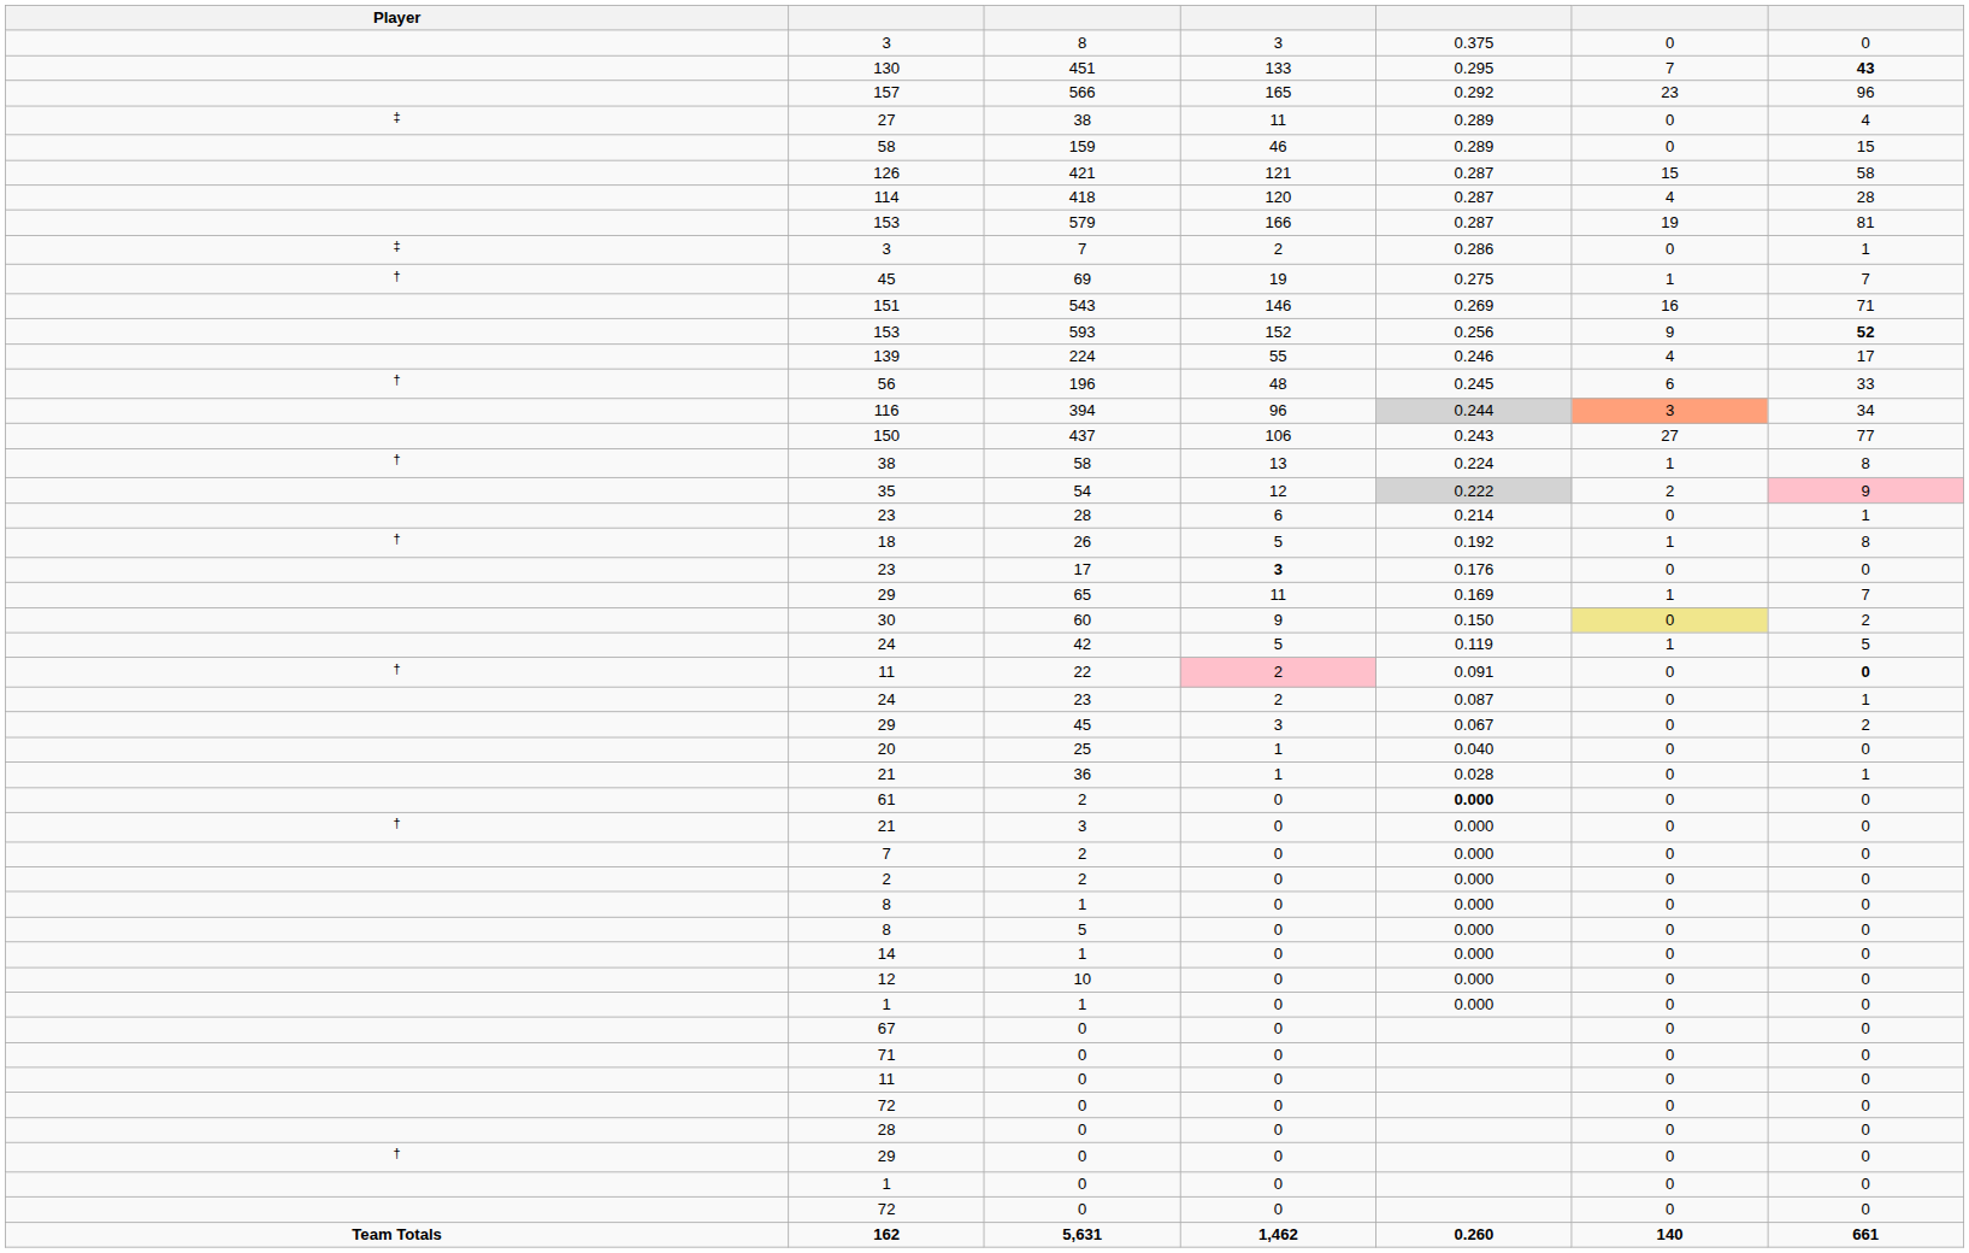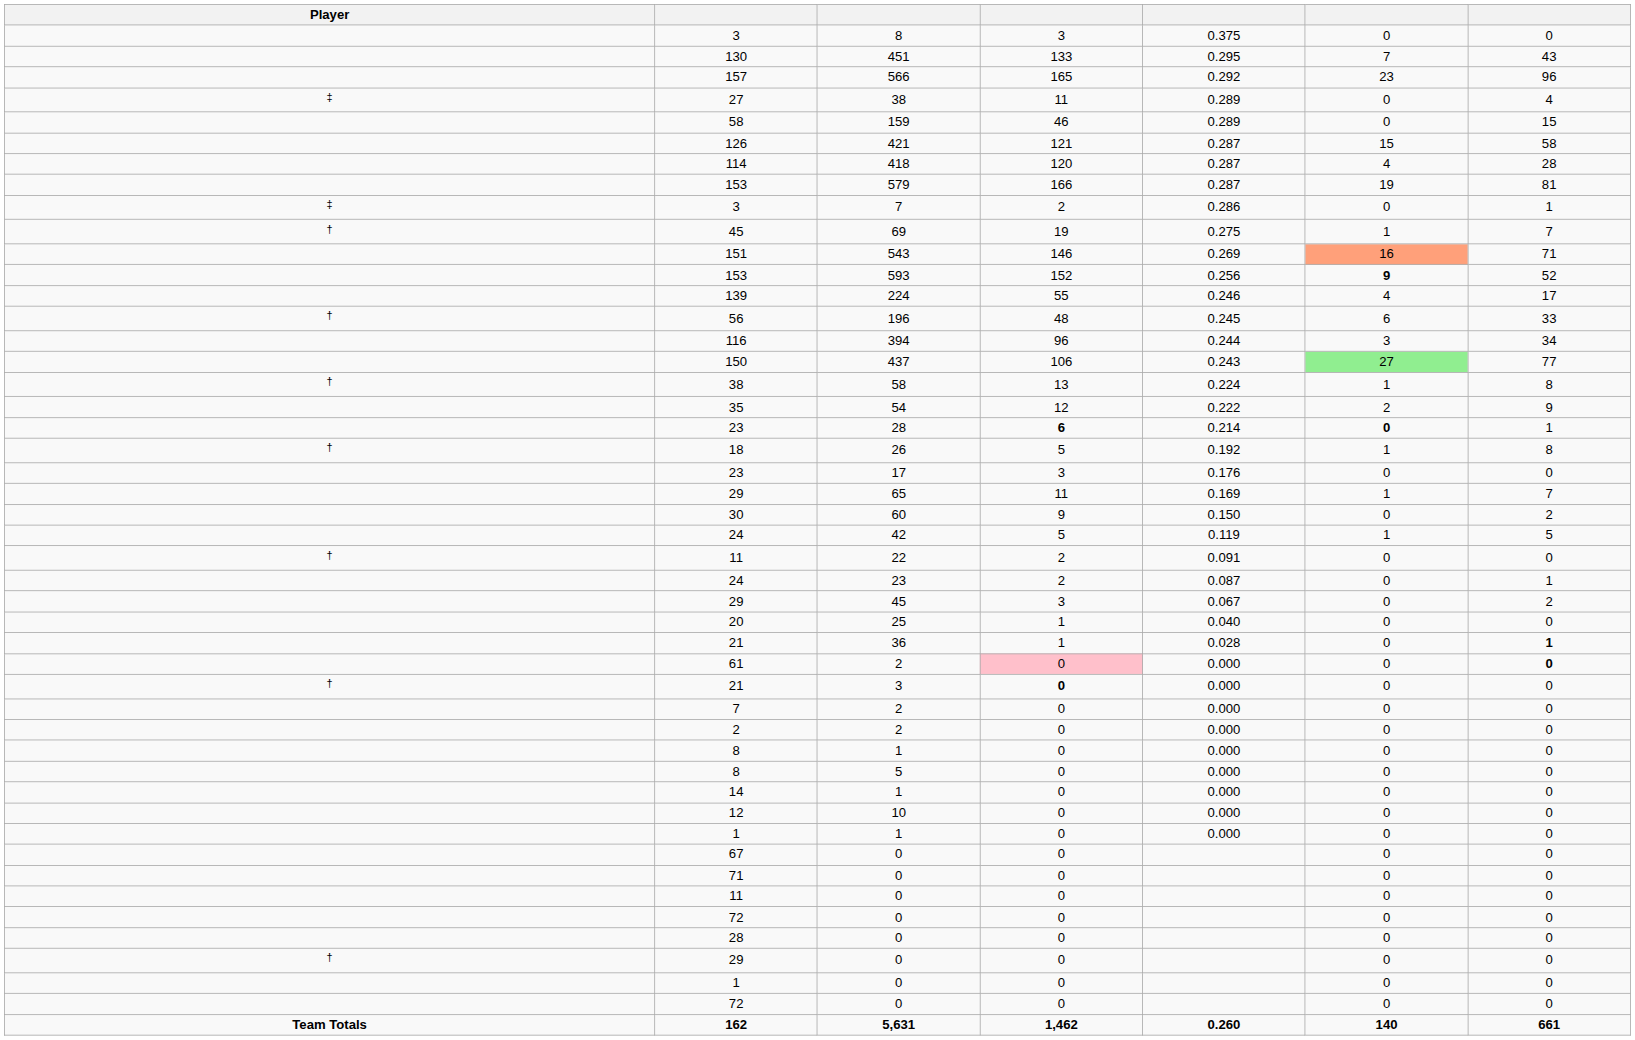 <table class="wikitable sortable" style="text-align:center;" width="100%">
 <tr>
 <th width="40%">Player</th>
 <th width="10%"></th>
 <th width="10%"></th>
 <th width="10%"></th>
 <th width="10%"></th>
 <th width="10%"></th>
 <th width="10%"></th>
 </tr>
 <tr>
 <td></td>
 <td>3</td>
 <td>8</td>
 <td>3</td>
 <td>0.375</td>
 <td>0</td>
 <td>0</td>
 </tr>
 <tr>
 <td><strong></strong></td>
 <td>130</td>
 <td>451</td>
 <td>133</td>
 <td>0.295</td>
 <td>7</td>
-<td><strong>43</strong></td>
+<td>43</td>
 </tr>
 <tr>
 <td><strong></strong></td>
 <td>157</td>
 <td>566</td>
 <td>165</td>
 <td>0.292</td>
 <td>23</td>
 <td>96</td>
 </tr>
 <tr>
 <td><sup>‡</sup></td>
 <td>27</td>
 <td>38</td>
 <td>11</td>
 <td>0.289</td>
 <td>0</td>
 <td>4</td>
 </tr>
 <tr>
 <td></td>
 <td>58</td>
 <td>159</td>
 <td>46</td>
 <td>0.289</td>
 <td>0</td>
 <td>15</td>
 </tr>
 <tr>
 <td> </td>
 <td>126</td>
 <td>421</td>
 <td>121</td>
 <td>0.287</td>
 <td>15</td>
 <td>58</td>
 </tr>
 <tr>
 <td></td>
 <td>114</td>
 <td>418</td>
 <td>120</td>
 <td>0.287</td>
 <td>4</td>
 <td>28</td>
 </tr>
 <tr>
 <td><strong></strong></td>
 <td>153</td>
 <td>579</td>
 <td>166</td>
 <td>0.287</td>
 <td>19</td>
 <td>81</td>
 </tr>
 <tr>
 <td><sup>‡</sup></td>
 <td>3</td>
 <td>7</td>
 <td>2</td>
 <td>0.286</td>
 <td>0</td>
 <td>1</td>
 </tr>
 <tr>
 <td><sup>†</sup></td>
 <td>45</td>
 <td>69</td>
 <td>19</td>
 <td>0.275</td>
 <td>1</td>
 <td>7</td>
 </tr>
 <tr>
 <td><strong></strong></td>
 <td>151</td>
 <td>543</td>
 <td>146</td>
 <td>0.269</td>
-<td>16</td>
+<td style="background: lightsalmon;">16</td>
 <td>71</td>
 </tr>
 <tr>
 <td><strong></strong></td>
 <td>153</td>
 <td>593</td>
 <td>152</td>
 <td>0.256</td>
-<td>9</td>
-<td><strong>52</strong></td>
+<td><strong>9</strong></td>
+<td>52</td>
 </tr>
 <tr>
 <td></td>
 <td>139</td>
 <td>224</td>
 <td>55</td>
 <td>0.246</td>
 <td>4</td>
 <td>17</td>
 </tr>
 <tr>
 <td><sup>†</sup></td>
 <td>56</td>
 <td>196</td>
 <td>48</td>
 <td>0.245</td>
 <td>6</td>
 <td>33</td>
 </tr>
 <tr>
 <td></td>
 <td>116</td>
 <td>394</td>
 <td>96</td>
-<td style="background: lightgrey;">0.244</td>
-<td style="background: lightsalmon;">3</td>
+<td>0.244</td>
+<td>3</td>
 <td>34</td>
 </tr>
 <tr>
 <td></td>
 <td>150</td>
 <td>437</td>
 <td>106</td>
 <td>0.243</td>
-<td>27</td>
+<td style="background: lightgreen;">27</td>
 <td>77</td>
 </tr>
 <tr>
 <td><sup>†</sup></td>
 <td>38</td>
 <td>58</td>
 <td>13</td>
 <td>0.224</td>
 <td>1</td>
 <td>8</td>
 </tr>
 <tr>
 <td> </td>
 <td>35</td>
 <td>54</td>
 <td>12</td>
-<td style="background: lightgrey;">0.222</td>
+<td>0.222</td>
 <td>2</td>
-<td style="background: pink;">9</td>
+<td>9</td>
 </tr>
 <tr>
 <td></td>
 <td>23</td>
 <td>28</td>
-<td>6</td>
+<td><strong>6</strong></td>
 <td>0.214</td>
-<td>0</td>
+<td><strong>0</strong></td>
 <td>1</td>
 </tr>
 <tr>
 <td><sup>†</sup></td>
 <td>18</td>
 <td>26</td>
 <td>5</td>
 <td>0.192</td>
 <td>1</td>
 <td>8</td>
 </tr>
 <tr>
 <td></td>
 <td>23</td>
 <td>17</td>
-<td><strong>3</strong></td>
+<td>3</td>
 <td>0.176</td>
 <td>0</td>
 <td>0</td>
 </tr>
 <tr>
 <td></td>
 <td>29</td>
 <td>65</td>
 <td>11</td>
 <td>0.169</td>
 <td>1</td>
 <td>7</td>
 </tr>
 <tr>
 <td></td>
 <td>30</td>
 <td>60</td>
 <td>9</td>
 <td>0.150</td>
-<td style="background: khaki;">0</td>
+<td>0</td>
 <td>2</td>
 </tr>
 <tr>
 <td></td>
 <td>24</td>
 <td>42</td>
 <td>5</td>
 <td>0.119</td>
 <td>1</td>
 <td>5</td>
 </tr>
 <tr>
 <td><sup>†</sup></td>
 <td>11</td>
 <td>22</td>
-<td style="background: pink;">2</td>
+<td>2</td>
 <td>0.091</td>
 <td>0</td>
-<td><strong>0</strong></td>
+<td>0</td>
 </tr>
 <tr>
 <td></td>
 <td>24</td>
 <td>23</td>
 <td>2</td>
 <td>0.087</td>
 <td>0</td>
 <td>1</td>
 </tr>
 <tr>
 <td></td>
 <td>29</td>
 <td>45</td>
 <td>3</td>
 <td>0.067</td>
 <td>0</td>
 <td>2</td>
 </tr>
 <tr>
 <td> </td>
 <td>20</td>
 <td>25</td>
 <td>1</td>
 <td>0.040</td>
 <td>0</td>
 <td>0</td>
 </tr>
 <tr>
 <td></td>
 <td>21</td>
 <td>36</td>
 <td>1</td>
 <td>0.028</td>
 <td>0</td>
-<td>1</td>
+<td><strong>1</strong></td>
 </tr>
 <tr>
 <td></td>
 <td>61</td>
 <td>2</td>
+<td style="background: pink;">0</td>
+<td>0.000</td>
 <td>0</td>
-<td><strong>0.000</strong></td>
-<td>0</td>
-<td>0</td>
+<td><strong>0</strong></td>
 </tr>
 <tr>
 <td><sup>†</sup></td>
 <td>21</td>
 <td>3</td>
-<td>0</td>
+<td><strong>0</strong></td>
 <td>0.000</td>
 <td>0</td>
 <td>0</td>
 </tr>
 <tr>
 <td></td>
 <td>7</td>
 <td>2</td>
 <td>0</td>
 <td>0.000</td>
 <td>0</td>
 <td>0</td>
 </tr>
 <tr>
 <td></td>
 <td>2</td>
 <td>2</td>
 <td>0</td>
 <td>0.000</td>
 <td>0</td>
 <td>0</td>
 </tr>
 <tr>
 <td> </td>
 <td>8</td>
 <td>1</td>
 <td>0</td>
 <td>0.000</td>
 <td>0</td>
 <td>0</td>
 </tr>
 <tr>
 <td></td>
 <td>8</td>
 <td>5</td>
 <td>0</td>
 <td>0.000</td>
 <td>0</td>
 <td>0</td>
 </tr>
 <tr>
 <td></td>
 <td>14</td>
 <td>1</td>
 <td>0</td>
 <td>0.000</td>
 <td>0</td>
 <td>0</td>
 </tr>
 <tr>
 <td></td>
 <td>12</td>
 <td>10</td>
 <td>0</td>
 <td>0.000</td>
 <td>0</td>
 <td>0</td>
 </tr>
 <tr>
 <td> </td>
 <td>1</td>
 <td>1</td>
 <td>0</td>
 <td>0.000</td>
 <td>0</td>
 <td>0</td>
 </tr>
 <tr>
 <td></td>
 <td>67</td>
 <td>0</td>
 <td>0</td>
 <td></td>
 <td>0</td>
 <td>0</td>
 </tr>
 <tr>
 <td></td>
 <td>71</td>
 <td>0</td>
 <td>0</td>
 <td></td>
 <td>0</td>
 <td>0</td>
 </tr>
 <tr>
 <td></td>
 <td>11</td>
 <td>0</td>
 <td>0</td>
 <td></td>
 <td>0</td>
 <td>0</td>
 </tr>
 <tr>
 <td></td>
 <td>72</td>
 <td>0</td>
 <td>0</td>
 <td></td>
 <td>0</td>
 <td>0</td>
 </tr>
 <tr>
 <td></td>
 <td>28</td>
 <td>0</td>
 <td>0</td>
 <td></td>
 <td>0</td>
 <td>0</td>
 </tr>
 <tr>
 <td><sup>†</sup></td>
 <td>29</td>
 <td>0</td>
 <td>0</td>
 <td></td>
 <td>0</td>
 <td>0</td>
 </tr>
 <tr>
 <td></td>
 <td>1</td>
 <td>0</td>
 <td>0</td>
 <td></td>
 <td>0</td>
 <td>0</td>
 </tr>
 <tr>
 <td></td>
 <td>72</td>
 <td>0</td>
 <td>0</td>
 <td></td>
 <td>0</td>
 <td>0</td>
 </tr>
 <tr>
 <td><strong>Team Totals</strong></td>
 <td><strong>162</strong></td>
 <td><strong>5,631</strong></td>
 <td><strong>1,462</strong></td>
 <td><strong>0.260</strong></td>
 <td><strong>140</strong></td>
 <td><strong>661</strong></td>
 </tr>
 </table>
